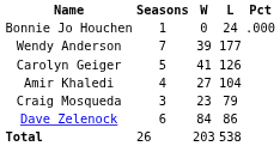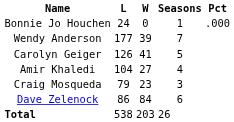 <table class="class="toccolours">
 <tr>
 <th>Name</th>
+<th>L</th>
+<th>W</th>
 <th>Seasons</th>
-<th>W</th>
-<th>L</th>
 <th>Pct</th>
 </tr>
 <tr align=center>
 <td>Bonnie Jo Houchen</td>
+<td>24</td>
+<td>0</td>
 <td>1</td>
-<td>0</td>
-<td>24</td>
 <td>.000</td>
 </tr>
 <tr align=center>
 <td>Wendy Anderson</td>
+<td>177</td>
+<td>39</td>
 <td>7</td>
-<td>39</td>
-<td>177</td>
 <td></td>
 </tr>
 <tr align=center>
 <td>Carolyn Geiger</td>
+<td>126</td>
+<td>41</td>
 <td>5</td>
-<td>41</td>
-<td>126</td>
 <td></td>
 </tr>
 <tr align=center>
 <td>Amir Khaledi</td>
+<td>104</td>
+<td>27</td>
 <td>4</td>
-<td>27</td>
-<td>104</td>
 <td></td>
 </tr>
 <tr align=center>
 <td>Craig Mosqueda</td>
+<td>79</td>
+<td>23</td>
 <td>3</td>
-<td>23</td>
-<td>79</td>
 <td></td>
 </tr>
 <tr align=center>
 <td><a href='#'>Dave Zelenock</a></td>
+<td>86</td>
+<td>84</td>
 <td>6</td>
-<td>84</td>
-<td>86</td>
 <td></td>
 </tr>
 <tr>
 <td><strong>Total</strong></td>
+<td>538</td>
+<td>203</td>
 <td>26</td>
-<td>203</td>
-<td>538</td>
 <td></td>
 </tr>
 </table>
